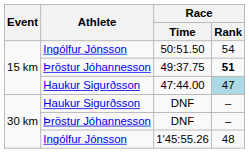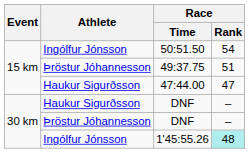 <table class="wikitable" border="1" style="font-size:90%">
 <tr>
 <th rowspan=2>Event</th>
 <th rowspan=2>Athlete</th>
 <th colspan=2>Race</th>
 </tr>
 <tr>
 <th>Time</th>
 <th>Rank</th>
 </tr>
 <tr>
 <td rowspan=3>15 km</td>
 <td><a href='#'>Ingólfur Jónsson</a></td>
 <td align=center>50:51.50</td>
 <td align=center>54</td>
 </tr>
 <tr>
 <td><a href='#'>Þröstur Jóhannesson</a></td>
 <td align=center>49:37.75</td>
-<td align=center><strong>51</strong></td>
+<td align=center>51</td>
 </tr>
 <tr>
 <td><a href='#'>Haukur Sigurðsson</a></td>
 <td align=center>47:44.00</td>
-<td align=center style="background: lightblue;">47</td>
+<td align=center>47</td>
 </tr>
 <tr>
 <td rowspan=3>30 km</td>
 <td><a href='#'>Haukur Sigurðsson</a></td>
 <td align=center>DNF</td>
 <td align=center>–</td>
 </tr>
 <tr>
 <td><a href='#'>Þröstur Jóhannesson</a></td>
 <td align=center>DNF</td>
 <td align=center>–</td>
 </tr>
 <tr>
 <td><a href='#'>Ingólfur Jónsson</a></td>
 <td align=center>1'45:55.26</td>
-<td align=center>48</td>
+<td align=center style="background: paleturquoise;">48</td>
 </tr>
 </table>
